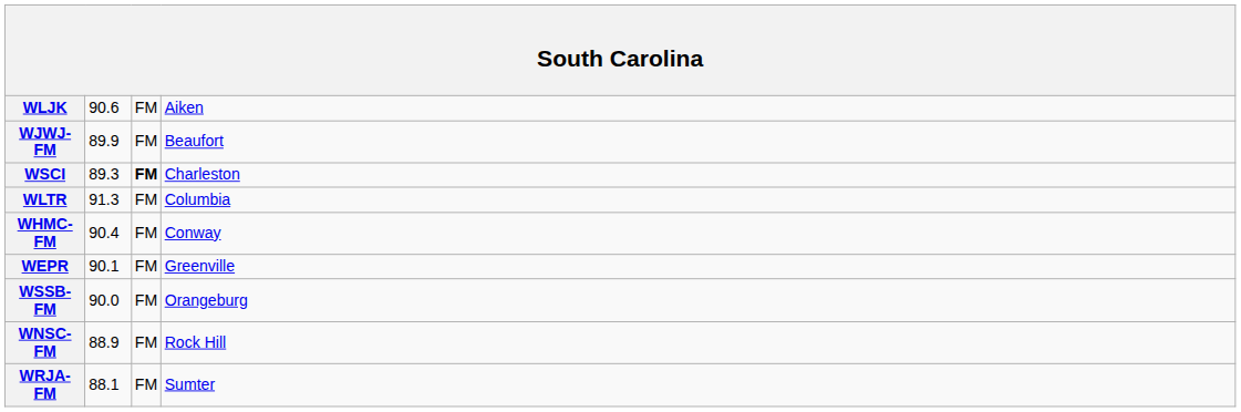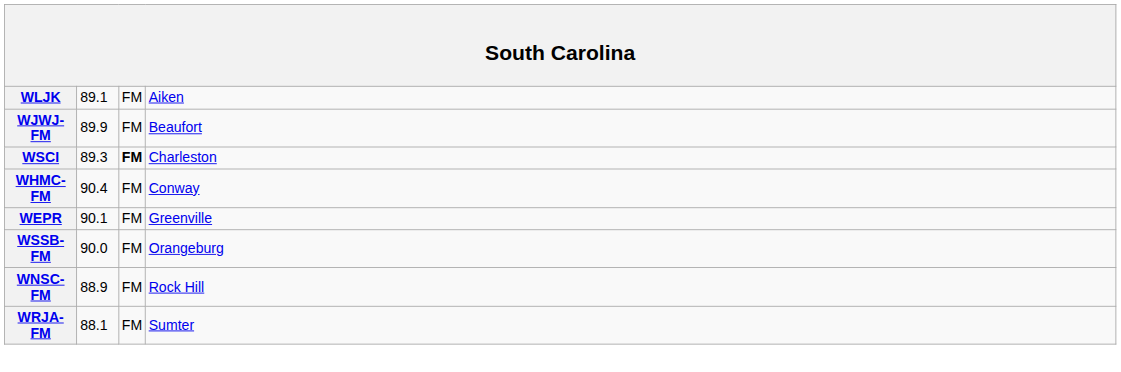 <table class="wikitable mw-collapsible" style="width:100%">
 <tr>
 <th scope="col" colspan="4"><br><h2>South Carolina</h2></th>
 </tr>
 <tr>
 <th scope="row" style="width: 75px;"><a href='#'>WLJK</a></th>
-<td style="width: 40px;">90.6</td>
+<td style="width: 40px;">89.1</td>
 <td style="width: 21px;">FM</td>
 <td><a href='#'>Aiken</a></td>
 </tr>
 <tr>
 <th scope="row"><a href='#'>WJWJ-FM</a></th>
 <td>89.9</td>
 <td>FM</td>
 <td><a href='#'>Beaufort</a></td>
 </tr>
 <tr>
 <th scope="row"><a href='#'>WSCI</a></th>
 <td>89.3</td>
 <td><strong>FM</strong></td>
 <td><a href='#'>Charleston</a></td>
-</tr>
-<tr>
-<th scope="row"><a href='#'>WLTR</a></th>
-<td>91.3</td>
-<td>FM</td>
-<td><a href='#'>Columbia</a></td>
 </tr>
 <tr>
 <th scope="row"><a href='#'>WHMC-FM</a></th>
 <td>90.4</td>
 <td>FM</td>
 <td><a href='#'>Conway</a></td>
 </tr>
 <tr>
 <th scope="row"><a href='#'>WEPR</a></th>
 <td>90.1</td>
 <td>FM</td>
 <td><a href='#'>Greenville</a></td>
 </tr>
 <tr>
 <th scope="row"><a href='#'>WSSB-FM</a></th>
 <td>90.0</td>
 <td>FM</td>
 <td><a href='#'>Orangeburg</a></td>
 </tr>
 <tr>
 <th scope="row"><a href='#'>WNSC-FM</a></th>
 <td>88.9</td>
 <td>FM</td>
 <td><a href='#'>Rock Hill</a></td>
 </tr>
 <tr>
 <th scope="row"><a href='#'>WRJA-FM</a></th>
 <td>88.1</td>
 <td>FM</td>
 <td><a href='#'>Sumter</a></td>
 </tr>
 </table>
